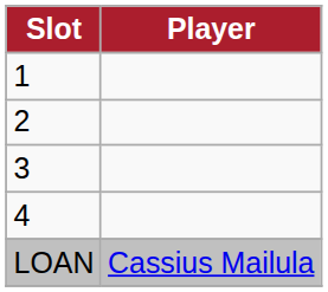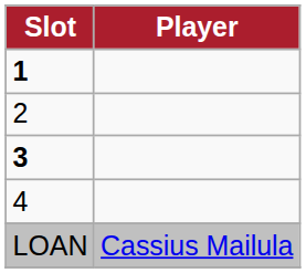 <table class="wikitable" style="text-align:left; margin-left:1em; font-size:90%;">
 <tr>
 <th style="background:#AB1E2D; color:white; text-align:center;">Slot</th>
 <th style="background:#AB1E2D; color:white; text-align:center;">Player</th>
 </tr>
 <tr>
-<td>1</td>
+<td><strong>1</strong></td>
 <td></td>
 </tr>
 <tr>
 <td>2</td>
 <td></td>
 </tr>
 <tr>
-<td>3</td>
+<td><strong>3</strong></td>
 <td></td>
 </tr>
 <tr>
 <td>4</td>
 <td></td>
 </tr>
 <tr>
 <td bgcolor=#C0C0C0>LOAN</td>
 <td colspan=2 style="text-align: center;" bgcolor=#C0C0C0> <a href='#'>Cassius Mailula</a></td>
 </tr>
 <tr>
 </tr>
 </table>
